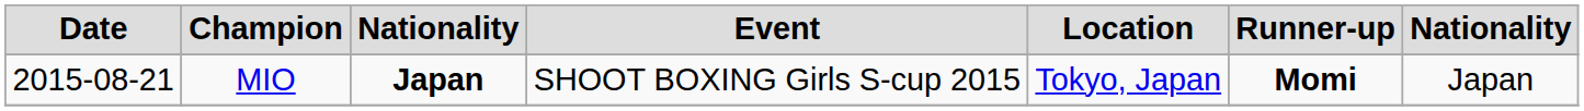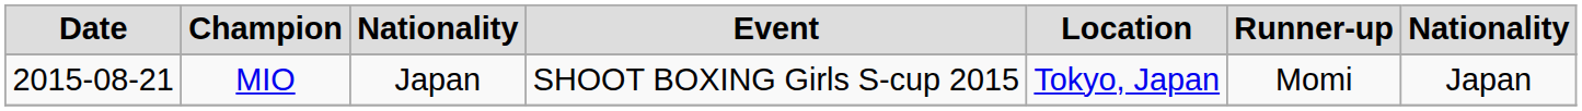 <table class="wikitable" style="text-align:center">
 <tr bgcolor="#dddddd">
 <td><strong>Date</strong></td>
 <td><strong>Champion</strong></td>
 <td><strong>Nationality</strong></td>
 <td><strong>Event</strong></td>
 <td><strong>Location</strong></td>
 <td><strong>Runner-up</strong></td>
 <td><strong>Nationality</strong></td>
 </tr>
 <tr>
 </tr>
 <tr>
 <td>2015-08-21</td>
 <td><a href='#'>MIO</a></td>
-<td><strong> Japan</strong></td>
+<td> Japan</td>
 <td>SHOOT BOXING Girls S-cup 2015</td>
 <td><a href='#'>Tokyo, Japan</a></td>
-<td><strong>Momi</strong></td>
+<td>Momi</td>
 <td> Japan</td>
 </tr>
 <tr>
 </tr>
 </table>
